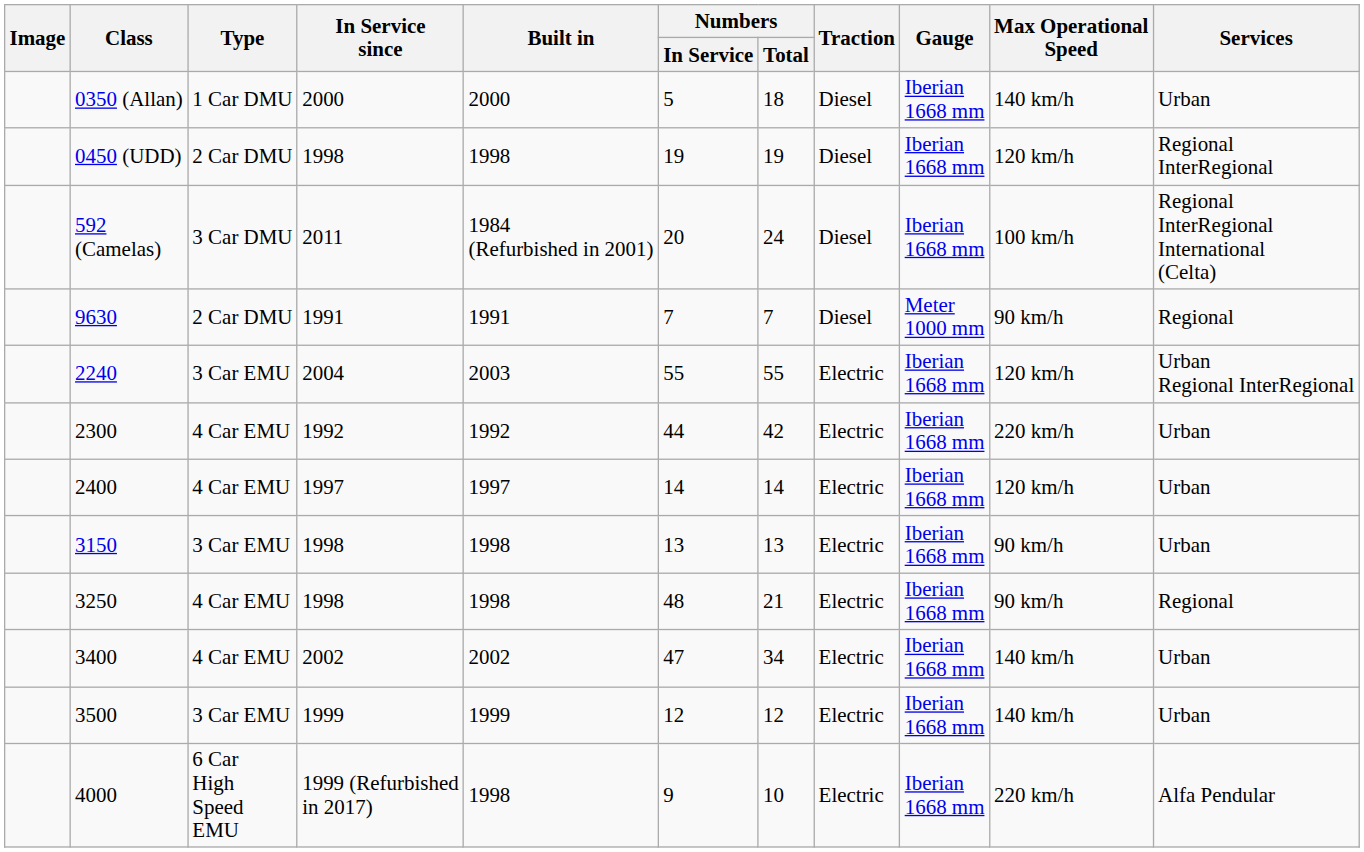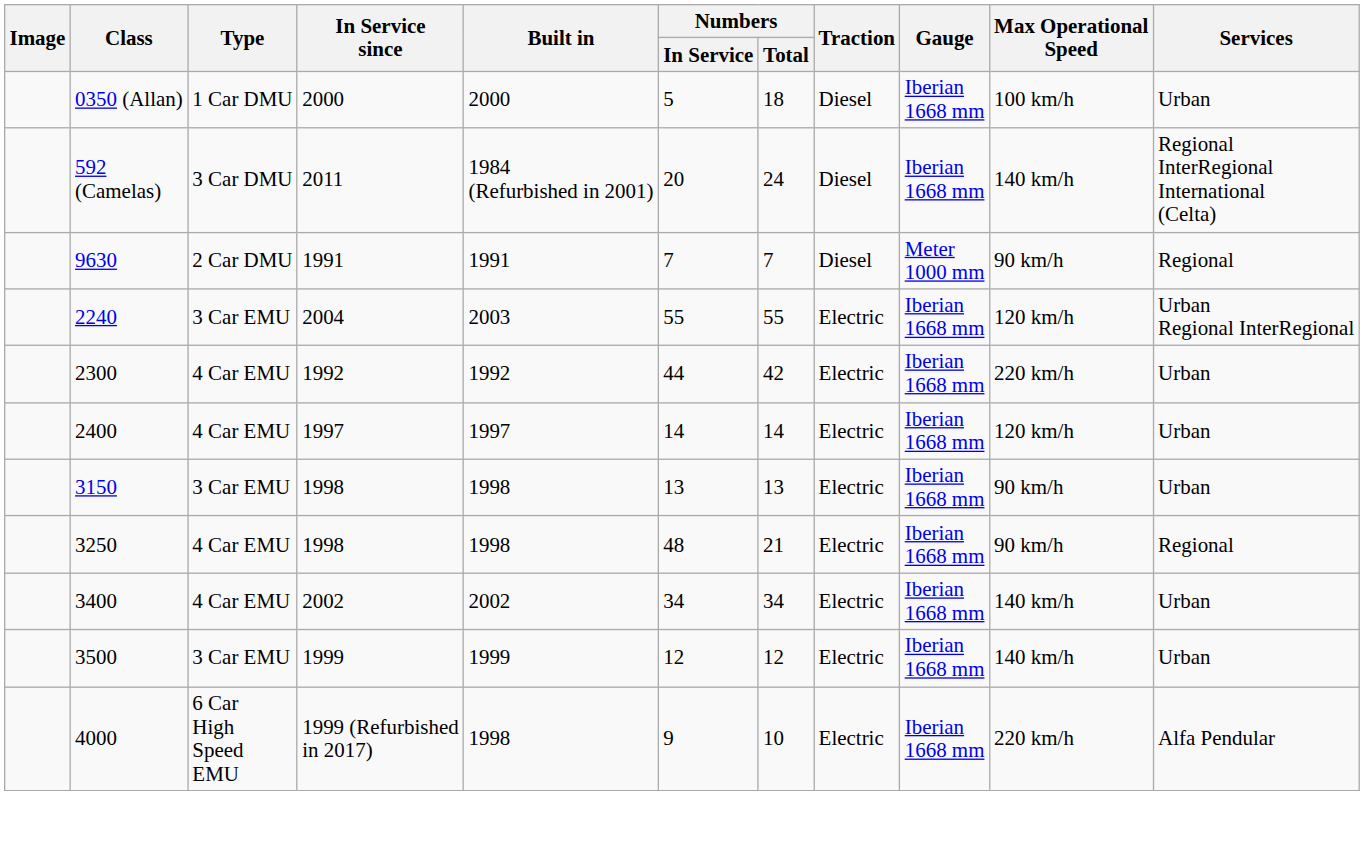 <table class="wikitable sortable">
 <tr>
 <th rowspan="2">Image</th>
 <th rowspan="2">Class</th>
 <th rowspan="2">Type</th>
 <th rowspan="2">In Service<br>since</th>
 <th rowspan="2">Built in</th>
 <th colspan="2">Numbers</th>
 <th rowspan="2">Traction</th>
 <th rowspan="2">Gauge</th>
 <th rowspan="2">Max Operational<br>Speed</th>
 <th rowspan="2">Services</th>
 </tr>
 <tr>
 <th scope="col">In Service</th>
 <th>Total</th>
 </tr>
 <tr>
 <td></td>
 <td><a href='#'>0350</a> (Allan)</td>
 <td>1 Car DMU</td>
 <td>2000</td>
 <td>2000</td>
 <td>5</td>
 <td>18</td>
 <td>Diesel</td>
 <td><a href='#'>Iberian</a><br><a href='#'>1668 mm</a></td>
-<td>140 km/h</td>
+<td>100 km/h</td>
 <td>Urban</td>
-</tr>
-<tr>
-<td></td>
-<td><a href='#'>0450</a> (UDD)</td>
-<td>2 Car DMU</td>
-<td>1998</td>
-<td>1998</td>
-<td>19</td>
-<td>19</td>
-<td>Diesel</td>
-<td><a href='#'>Iberian</a><br><a href='#'>1668 mm</a></td>
-<td>120 km/h</td>
-<td>Regional<br>InterRegional</td>
 </tr>
 <tr>
 <td></td>
 <td><a href='#'>592</a><br>(Camelas)</td>
 <td>3 Car DMU</td>
 <td>2011</td>
 <td>1984<br>(Refurbished in 2001)</td>
 <td>20</td>
 <td>24</td>
 <td>Diesel</td>
 <td><a href='#'>Iberian</a><br><a href='#'>1668 mm</a></td>
-<td>100 km/h</td>
+<td>140 km/h</td>
 <td>Regional<br>InterRegional<br>International<br>(Celta)</td>
 </tr>
 <tr>
 <td></td>
 <td><a href='#'>9630</a></td>
 <td>2 Car DMU</td>
 <td>1991</td>
 <td>1991</td>
 <td>7</td>
 <td>7</td>
 <td>Diesel</td>
 <td><a href='#'>Meter</a><br><a href='#'>1000 mm</a></td>
 <td>90 km/h</td>
 <td>Regional</td>
 </tr>
 <tr>
 <td></td>
 <td><a href='#'>2240</a></td>
 <td>3 Car EMU</td>
 <td>2004</td>
 <td>2003</td>
 <td>55</td>
 <td>55</td>
 <td>Electric</td>
 <td><a href='#'>Iberian</a><br><a href='#'>1668 mm</a></td>
 <td>120 km/h</td>
 <td>Urban<br>Regional InterRegional</td>
 </tr>
 <tr>
 <td></td>
 <td>2300</td>
 <td>4 Car EMU</td>
 <td>1992</td>
 <td>1992</td>
 <td>44</td>
 <td>42</td>
 <td>Electric</td>
 <td><a href='#'>Iberian</a><br><a href='#'>1668 mm</a></td>
 <td>220 km/h</td>
 <td>Urban</td>
 </tr>
 <tr>
 <td></td>
 <td>2400</td>
 <td>4 Car EMU</td>
 <td>1997</td>
 <td>1997</td>
 <td>14</td>
 <td>14</td>
 <td>Electric</td>
 <td><a href='#'>Iberian</a><br><a href='#'>1668 mm</a></td>
 <td>120 km/h</td>
 <td>Urban</td>
 </tr>
 <tr>
 <td></td>
 <td><a href='#'>3150</a></td>
 <td>3 Car EMU</td>
 <td>1998</td>
 <td>1998</td>
 <td>13</td>
 <td>13</td>
 <td>Electric</td>
 <td><a href='#'>Iberian</a><br><a href='#'>1668 mm</a></td>
 <td>90 km/h</td>
 <td>Urban</td>
 </tr>
 <tr>
 <td></td>
 <td>3250</td>
 <td>4 Car EMU</td>
 <td>1998</td>
 <td>1998</td>
 <td>48</td>
 <td>21</td>
 <td>Electric</td>
 <td><a href='#'>Iberian</a><br><a href='#'>1668 mm</a></td>
 <td>90 km/h</td>
 <td>Regional</td>
 </tr>
 <tr>
 <td></td>
 <td>3400</td>
 <td>4 Car EMU</td>
 <td>2002</td>
 <td>2002</td>
-<td>47</td>
+<td>34</td>
 <td>34</td>
 <td>Electric</td>
 <td><a href='#'>Iberian</a><br><a href='#'>1668 mm</a></td>
 <td>140 km/h</td>
 <td>Urban</td>
 </tr>
 <tr>
 <td></td>
 <td>3500</td>
 <td>3 Car EMU</td>
 <td>1999</td>
 <td>1999</td>
 <td>12</td>
 <td>12</td>
 <td>Electric</td>
 <td><a href='#'>Iberian</a><br><a href='#'>1668 mm</a></td>
 <td>140 km/h</td>
 <td>Urban</td>
 </tr>
 <tr>
 <td></td>
 <td>4000</td>
 <td>6 Car<br>High<br>Speed<br>EMU</td>
 <td>1999 (Refurbished<br>in 2017)</td>
 <td>1998</td>
 <td>9</td>
 <td>10</td>
 <td>Electric</td>
 <td><a href='#'>Iberian</a><br><a href='#'>1668 mm</a></td>
 <td>220 km/h</td>
 <td>Alfa Pendular</td>
 </tr>
 </table>
